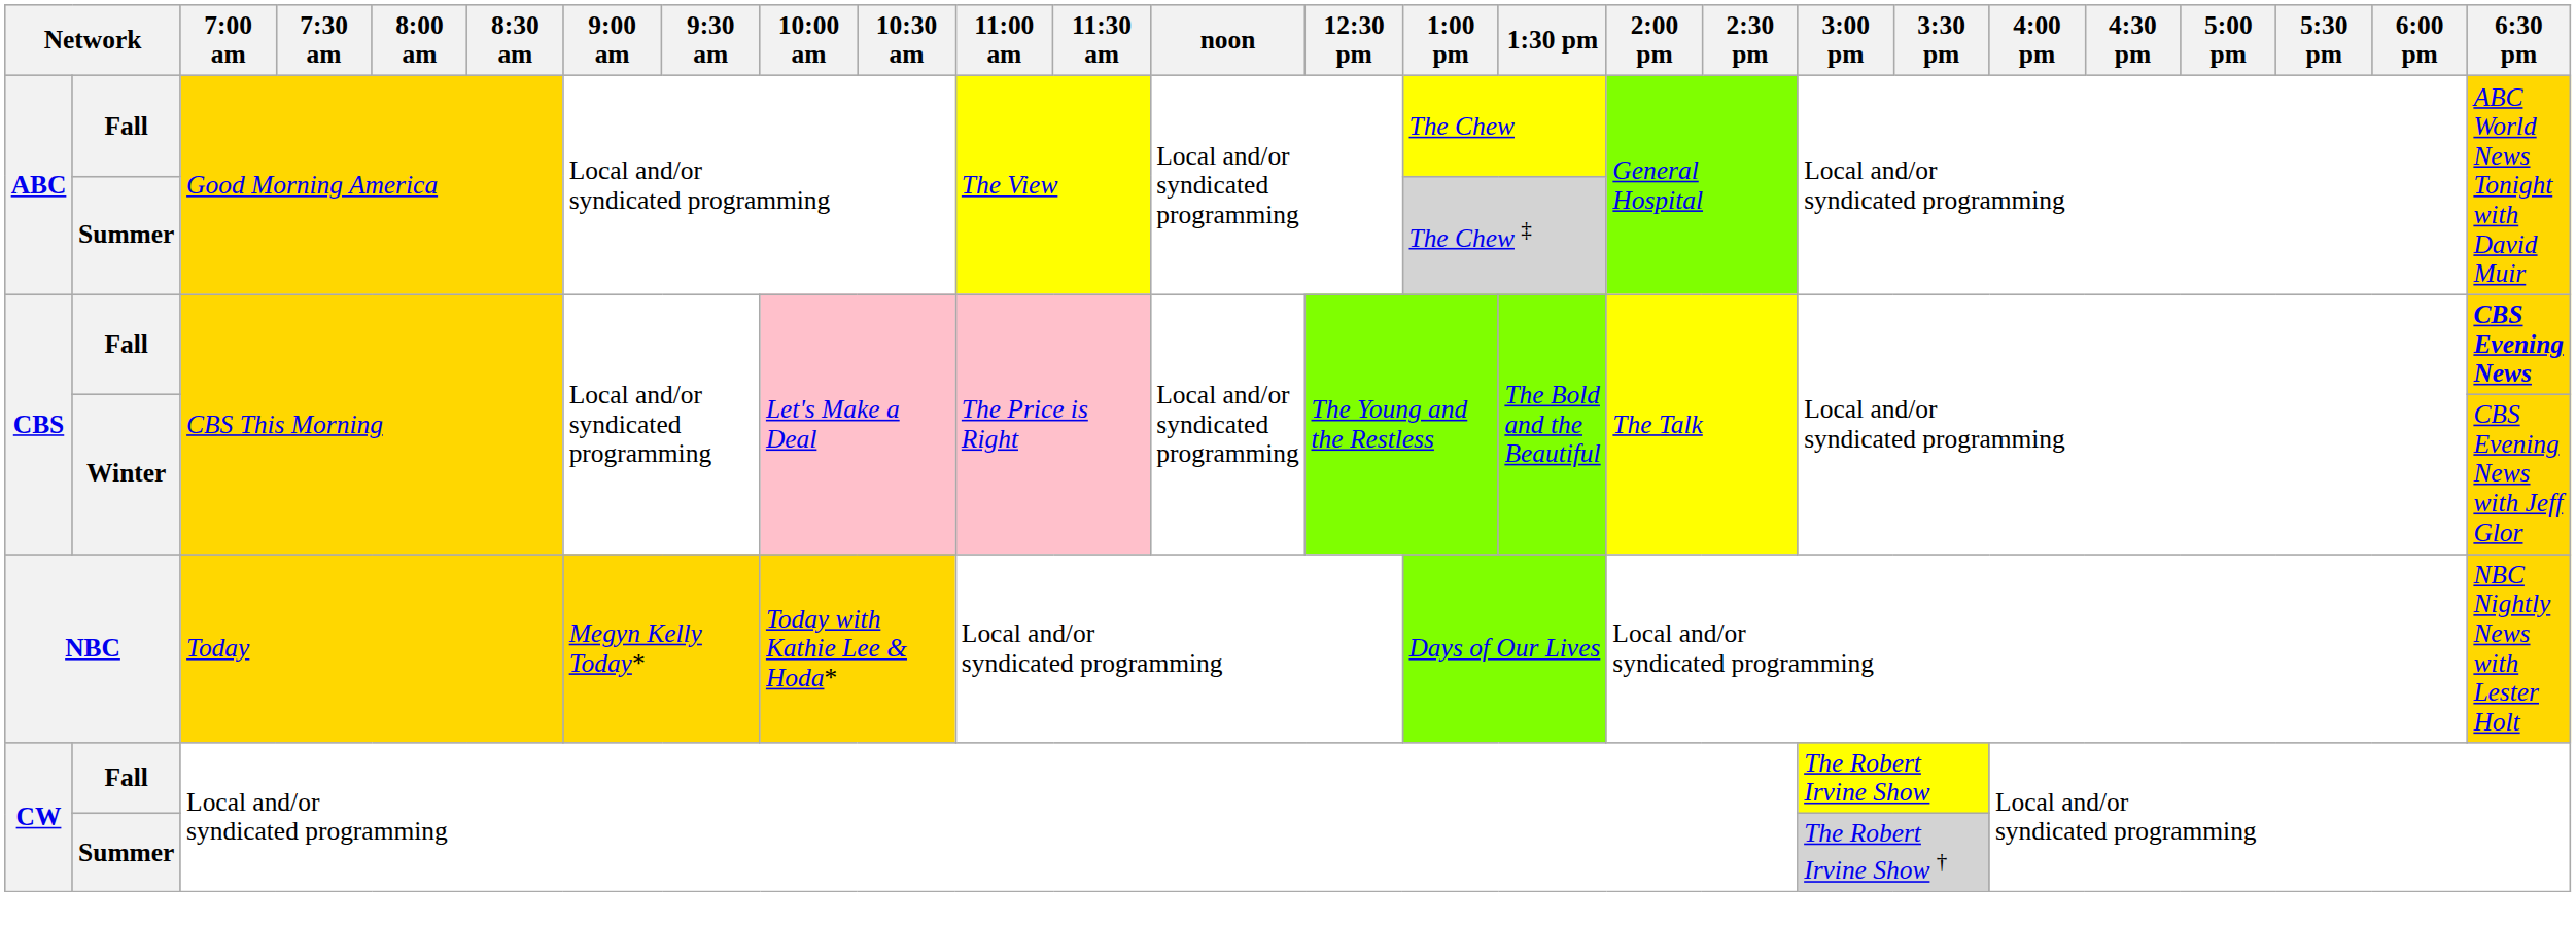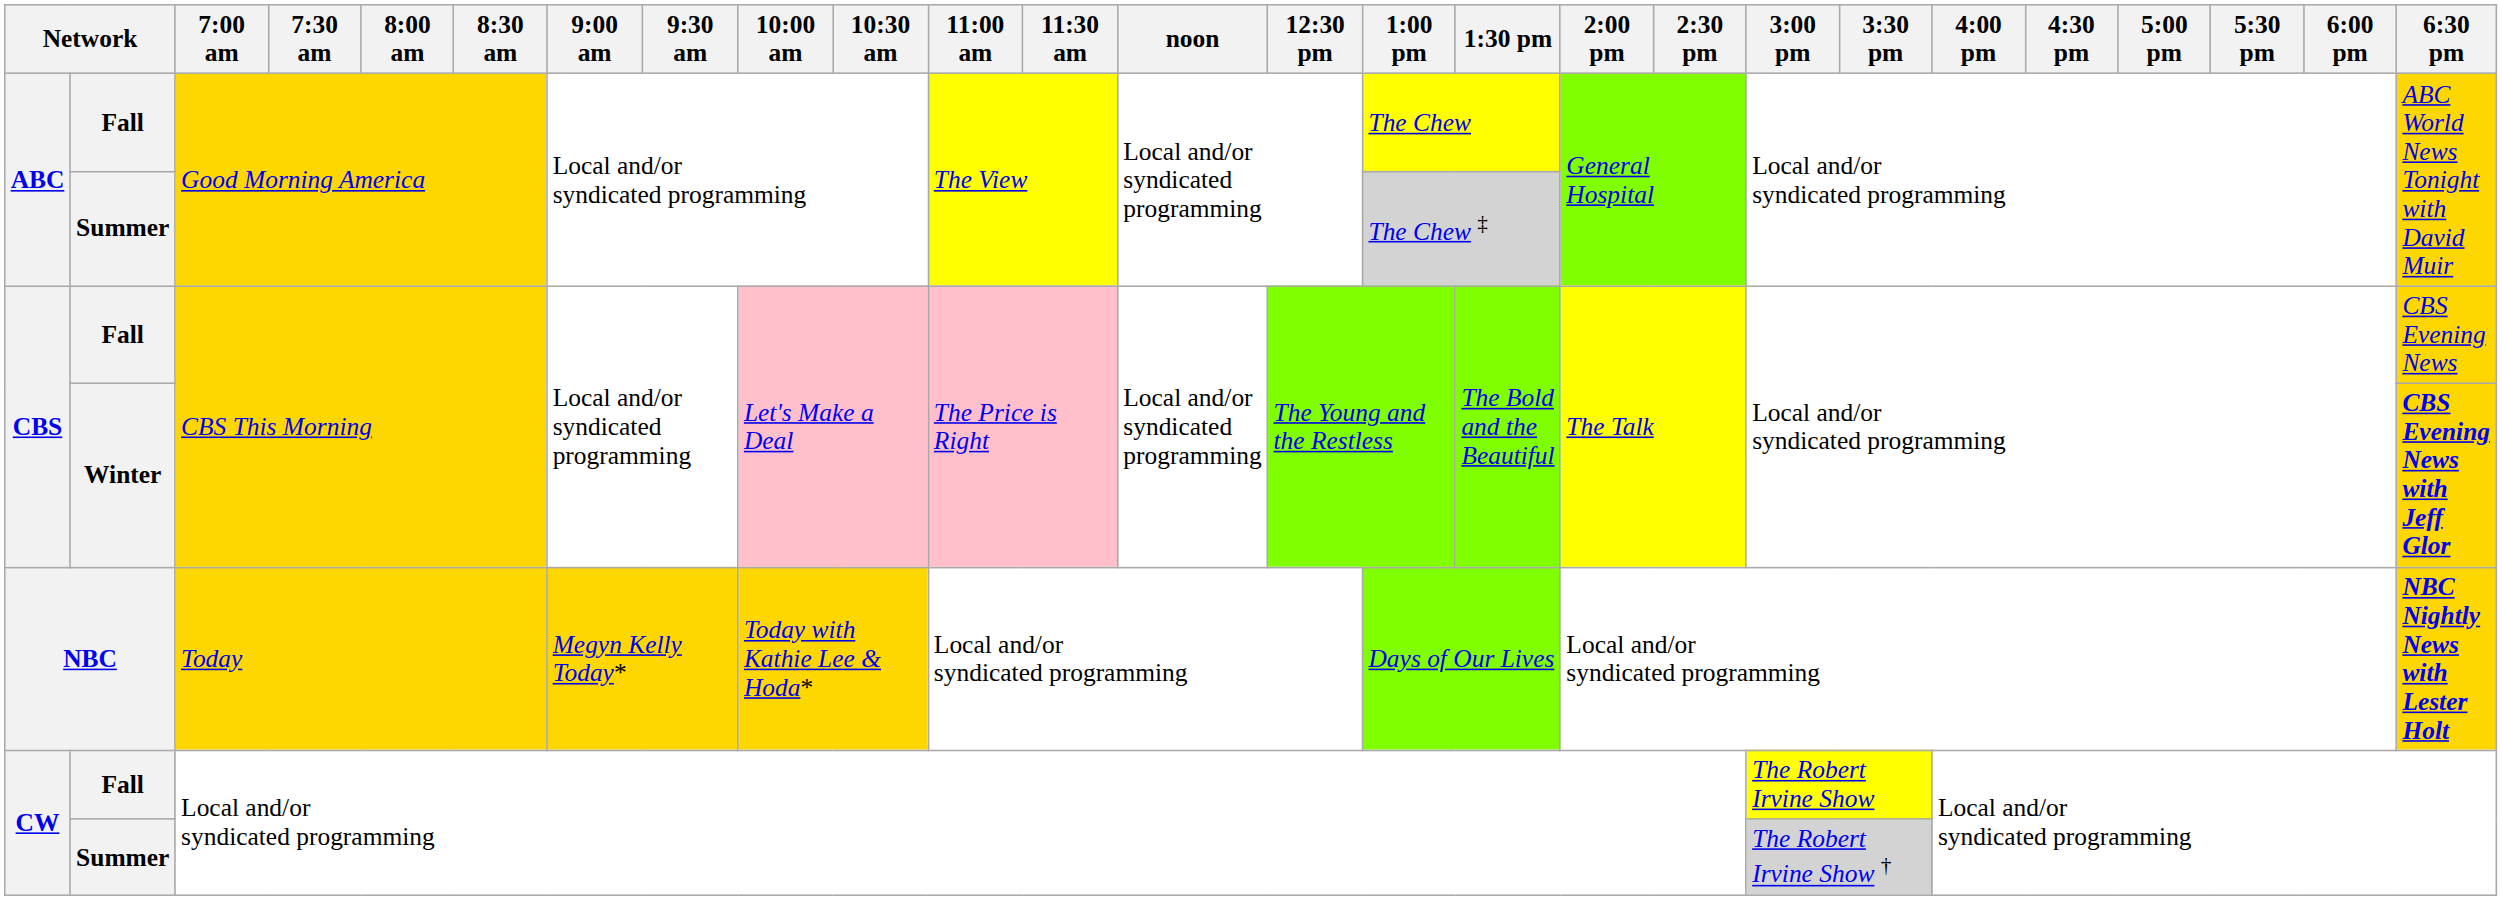 <table class=wikitable>
 <tr>
 <th bgcolor="#C0C0C0" colspan="2">Network</th>
 <th width="4%" bgcolor="#C0C0C0">7:00 am</th>
 <th width="4%" bgcolor="#C0C0C0">7:30 am</th>
 <th width="4%" bgcolor="#C0C0C0">8:00 am</th>
 <th width="4%" bgcolor="#C0C0C0">8:30 am</th>
 <th width="4%" bgcolor="#C0C0C0">9:00 am</th>
 <th width="4%" bgcolor="#C0C0C0">9:30 am</th>
 <th width="4%" bgcolor="#C0C0C0">10:00 am</th>
 <th width="4%" bgcolor="#C0C0C0">10:30 am</th>
 <th width="4%" bgcolor="#C0C0C0">11:00 am</th>
 <th width="4%" bgcolor="#C0C0C0">11:30 am</th>
 <th width="4%" bgcolor="#C0C0C0">noon</th>
 <th width="4%" bgcolor="#C0C0C0">12:30 pm</th>
 <th width="4%" bgcolor="#C0C0C0">1:00 pm</th>
 <th width="4%" bgcolor="#C0C0C0">1:30 pm</th>
 <th width="4%" bgcolor="#C0C0C0">2:00 pm</th>
 <th width="4%" bgcolor="#C0C0C0">2:30 pm</th>
 <th width="4%" bgcolor="#C0C0C0">3:00 pm</th>
 <th width="4%" bgcolor="#C0C0C0">3:30 pm</th>
 <th width="4%" bgcolor="#C0C0C0">4:00 pm</th>
 <th width="4%" bgcolor="#C0C0C0">4:30 pm</th>
 <th width="4%" bgcolor="#C0C0C0">5:00 pm</th>
 <th width="4%" bgcolor="#C0C0C0">5:30 pm</th>
 <th width="4%" bgcolor="#C0C0C0">6:00 pm</th>
 <th width="4%" bgcolor="#C0C0C0">6:30 pm</th>
 </tr>
 <tr>
 <th bgcolor="#C0C0C0" rowspan="2"><a href='#'>ABC</a></th>
 <th>Fall</th>
 <td bgcolor="gold" colspan="4" rowspan="2"><em><a href='#'>Good Morning America</a></em></td>
 <td bgcolor="white" colspan="4" rowspan="2">Local and/or<br>syndicated programming</td>
 <td bgcolor="yellow" colspan="2" rowspan="2"><em><a href='#'>The View</a></em></td>
 <td bgcolor="white" colspan="2" rowspan="2">Local and/or syndicated programming</td>
 <td bgcolor="yellow" colspan="2"><em><a href='#'>The Chew</a></em></td>
 <td bgcolor="chartreuse" colspan="2" rowspan="2"><em><a href='#'>General Hospital</a></em></td>
 <td bgcolor="white" colspan="7" rowspan="2">Local and/or<br>syndicated programming</td>
 <td bgcolor="gold" rowspan="2"><em><a href='#'>ABC World News Tonight with David Muir</a></em></td>
 </tr>
 <tr>
 <th>Summer</th>
 <td bgcolor="lightgray" colspan="2"><em><a href='#'>The Chew</a></em> <sup>‡</sup></td>
 </tr>
 <tr>
 <th bgcolor="#C0C0C0" rowspan="2"><a href='#'>CBS</a></th>
 <th>Fall</th>
 <td bgcolor="gold" colspan="4" rowspan="2"><em><a href='#'>CBS This Morning</a></em></td>
 <td bgcolor="white" colspan="2" rowspan="2">Local and/or<br>syndicated programming</td>
 <td bgcolor="pink" colspan="2" rowspan="2"><em><a href='#'>Let's Make a Deal</a></em></td>
 <td bgcolor="pink" colspan="2" rowspan="2"><em><a href='#'>The Price is Right</a></em></td>
 <td bgcolor="white" rowspan="2">Local and/or<br>syndicated programming</td>
 <td bgcolor="chartreuse" colspan="2" rowspan="2"><em><a href='#'>The Young and the Restless</a></em></td>
 <td bgcolor="chartreuse" rowspan="2"><em><a href='#'>The Bold and the Beautiful</a></em></td>
 <td bgcolor="yellow" colspan="2" rowspan="2"><em><a href='#'>The Talk</a></em></td>
 <td bgcolor="white" colspan="7" rowspan="2">Local and/or<br>syndicated programming</td>
-<td bgcolor="gold"><strong><em><a href='#'>CBS Evening News</a></em></strong></td>
+<td bgcolor="gold"><em><a href='#'>CBS Evening News</a></em></td>
 </tr>
 <tr>
 <th>Winter</th>
-<td bgcolor="gold"><em><a href='#'>CBS Evening News with Jeff Glor</a></em></td>
+<td bgcolor="gold"><strong><em><a href='#'>CBS Evening News with Jeff Glor</a></em></strong></td>
 </tr>
 <tr>
 <th bgcolor="#C0C0C0" colspan="2"><a href='#'>NBC</a></th>
 <td bgcolor="gold" colspan="4"><em><a href='#'>Today</a></em></td>
 <td bgcolor="gold" colspan="2"><em><a href='#'>Megyn Kelly Today</a></em>*</td>
 <td bgcolor="gold" colspan="2"><em><a href='#'>Today with Kathie Lee & Hoda</a></em>*</td>
 <td bgcolor="white" colspan="4">Local and/or<br>syndicated programming</td>
 <td bgcolor="chartreuse" colspan="2"><em><a href='#'>Days of Our Lives</a></em></td>
 <td bgcolor="white" colspan="9">Local and/or<br>syndicated programming</td>
-<td bgcolor="gold"><em><a href='#'>NBC Nightly News with Lester Holt</a></em></td>
+<td bgcolor="gold"><strong><em><a href='#'>NBC Nightly News with Lester Holt</a></em></strong></td>
 </tr>
 <tr>
 <th bgcolor="#C0C0C0" rowspan="2"><a href='#'>CW</a></th>
 <th>Fall</th>
 <td bgcolor="white" colspan="16" rowspan="2">Local and/or<br>syndicated programming</td>
 <td bgcolor="yellow" colspan="2"><em><a href='#'>The Robert Irvine Show</a></em></td>
 <td bgcolor="white" colspan="6" rowspan="2">Local and/or<br>syndicated programming</td>
 </tr>
 <tr>
 <th>Summer</th>
 <td bgcolor="lightgray" colspan="2"><em><a href='#'>The Robert Irvine Show</a></em> <sup>†</sup></td>
 </tr>
 </table>
